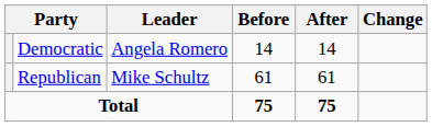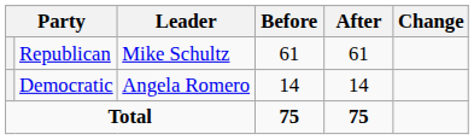 <table class="wikitable" style="text-align:center;">
 <tr>
 </tr>
 <tr>
 <th colspan="2">Party</th>
 <th>Leader</th>
 <th style="width:3em">Before</th>
 <th style="width:3em">After</th>
 <th style="width:3em">Change</th>
 </tr>
 <tr>
 <th style="background-color:"></th>
+<td style="text-align:left;"><a href='#'>Republican</a></td>
+<td style="text-align:left;"><a href='#'>Mike Schultz</a></td>
+<td>61</td>
+<td>61</td>
+<td></td>
+</tr>
+<tr>
+<th style="background-color:"></th>
 <td style="text-align:left;"><a href='#'>Democratic</a></td>
 <td style="text-align:left;"><a href='#'>Angela Romero</a></td>
 <td>14</td>
 <td>14</td>
-<td></td>
-</tr>
-<tr>
-<th style="background-color:"></th>
-<td style="text-align:left;"><a href='#'>Republican</a></td>
-<td style="text-align:left;"><a href='#'>Mike Schultz</a></td>
-<td>61</td>
-<td>61</td>
 <td></td>
 </tr>
 <tr>
 <td colspan="3"><strong>Total</strong></td>
 <td><strong>75</strong></td>
 <td><strong>75</strong></td>
 <td></td>
 </tr>
 </table>
